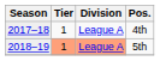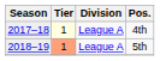 <table class="wikitable" style="font-size:85%; text-align:center">
 <tr>
 <th>Season</th>
 <th>Tier</th>
 <th>Division</th>
 <th>Pos.</th>
 </tr>
 <tr>
 <td bgcolor=#efefef><a href='#'>2017–18</a></td>
-<td>1</td>
+<td style="background: lightyellow;">1</td>
 <td align=left><a href='#'>League A</a></td>
 <td>4th</td>
 </tr>
 <tr>
 <td bgcolor=#efefef><a href='#'>2018–19</a></td>
 <td style="background: lightsalmon;">1</td>
-<td align=left style="background: lightsalmon;"><a href='#'>League A</a></td>
+<td align=left><a href='#'>League A</a></td>
 <td>5th</td>
 </tr>
 <tr>
 </tr>
 </table>
